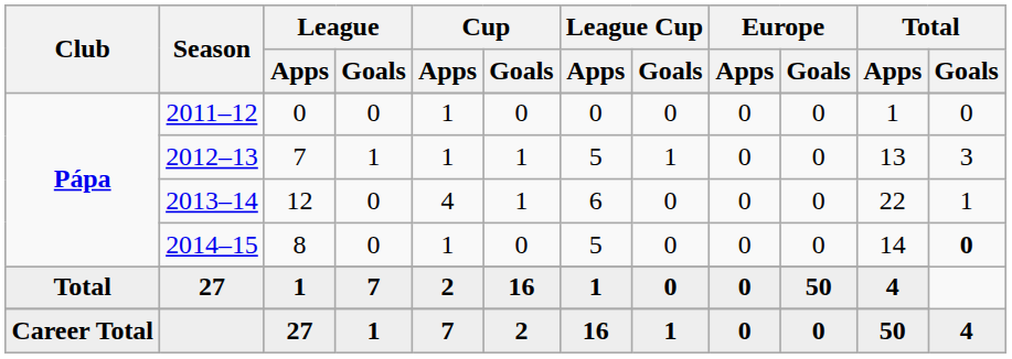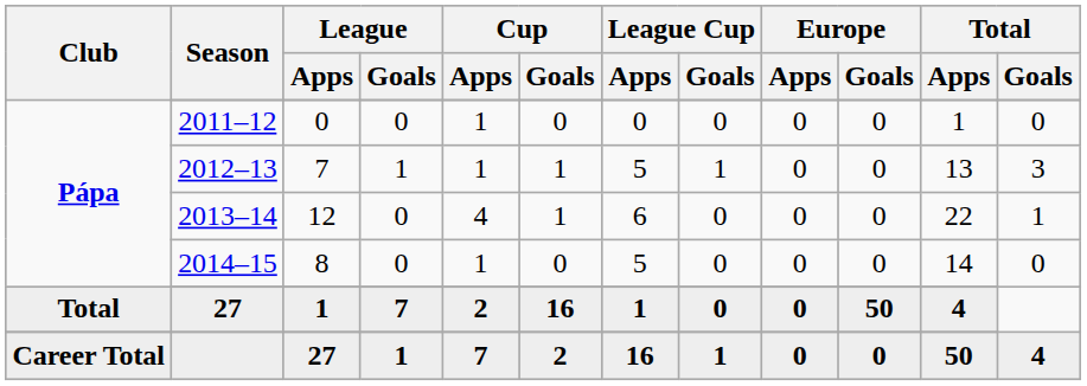 <table class="wikitable" style="font-size:90%; text-align: center;">
 <tr>
 <th rowspan="2">Club</th>
 <th rowspan="2">Season</th>
 <th colspan="2">League</th>
 <th colspan="2">Cup</th>
 <th colspan="2">League Cup</th>
 <th colspan="2">Europe</th>
 <th colspan="2">Total</th>
 </tr>
 <tr>
 <th>Apps</th>
 <th>Goals</th>
 <th>Apps</th>
 <th>Goals</th>
 <th>Apps</th>
 <th>Goals</th>
 <th>Apps</th>
 <th>Goals</th>
 <th>Apps</th>
 <th>Goals</th>
 </tr>
 <tr ||-||-||-|->
 <td rowspan="6" valign="center"><strong><a href='#'>Pápa</a></strong></td>
 </tr>
 <tr>
 <td><a href='#'>2011–12</a></td>
 <td>0</td>
 <td>0</td>
 <td>1</td>
 <td>0</td>
 <td>0</td>
 <td>0</td>
 <td>0</td>
 <td>0</td>
 <td>1</td>
 <td>0</td>
 </tr>
 <tr>
 <td><a href='#'>2012–13</a></td>
 <td>7</td>
 <td>1</td>
 <td>1</td>
 <td>1</td>
 <td>5</td>
 <td>1</td>
 <td>0</td>
 <td>0</td>
 <td>13</td>
 <td>3</td>
 </tr>
 <tr>
 <td><a href='#'>2013–14</a></td>
 <td>12</td>
 <td>0</td>
 <td>4</td>
 <td>1</td>
 <td>6</td>
 <td>0</td>
 <td>0</td>
 <td>0</td>
 <td>22</td>
 <td>1</td>
 </tr>
 <tr>
 <td><a href='#'>2014–15</a></td>
 <td>8</td>
 <td>0</td>
 <td>1</td>
 <td>0</td>
 <td>5</td>
 <td>0</td>
 <td>0</td>
 <td>0</td>
 <td>14</td>
-<td><strong>0</strong></td>
+<td>0</td>
 </tr>
 <tr>
 </tr>
 <tr style="font-weight:bold; background-color:#eeeeee;">
 <td>Total</td>
 <td>27</td>
 <td>1</td>
 <td>7</td>
 <td>2</td>
 <td>16</td>
 <td>1</td>
 <td>0</td>
 <td>0</td>
 <td>50</td>
 <td>4</td>
 </tr>
 <tr>
 </tr>
 <tr style="font-weight:bold; background-color:#eeeeee;">
 <td rowspan="2" valign="top"><strong>Career Total</strong></td>
 <td></td>
 <td><strong>27</strong></td>
 <td><strong>1</strong></td>
 <td><strong>7</strong></td>
 <td><strong>2</strong></td>
 <td><strong>16</strong></td>
 <td><strong>1</strong></td>
 <td><strong>0</strong></td>
 <td><strong>0</strong></td>
 <td><strong>50</strong></td>
 <td><strong>4</strong></td>
 </tr>
 </table>
